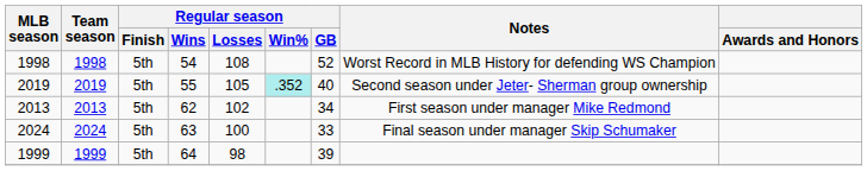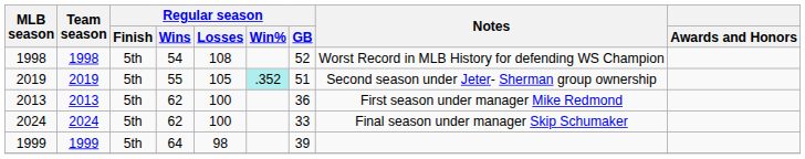 <table class="wikitable" style="text-align:center; font-size:95%">
 <tr>
 <th rowspan=2>MLB<br>season</th>
 <th rowspan=2>Team<br>season</th>
 <th colspan=5><a href='#'>Regular season</a></th>
 <th rowspan=2>Notes</th>
 <th></th>
 </tr>
 <tr>
 <th>Finish</th>
 <th><a href='#'>Wins</a></th>
 <th><a href='#'>Losses</a></th>
 <th><a href='#'>Win%</a></th>
 <th><a href='#'>GB</a></th>
 <th><strong>Awards and Honors</strong></th>
 </tr>
 <tr>
 <td>1998</td>
 <td><a href='#'>1998</a></td>
 <td>5th</td>
 <td>54</td>
 <td>108</td>
 <td></td>
 <td>52</td>
 <td>Worst Record in MLB History for defending WS Champion</td>
 <td></td>
 </tr>
 <tr>
 <td>2019</td>
 <td><a href='#'>2019</a></td>
 <td>5th</td>
 <td>55</td>
 <td>105</td>
 <td style="background: paleturquoise;">.352</td>
-<td>40</td>
+<td>51</td>
 <td>Second season under <a href='#'>Jeter</a>- <a href='#'>Sherman</a> group ownership<br></td>
 <td></td>
 </tr>
 <tr>
 <td>2013</td>
 <td><a href='#'>2013</a></td>
 <td>5th</td>
 <td>62</td>
-<td>102</td>
+<td>100</td>
 <td></td>
-<td>34</td>
+<td>36</td>
 <td>First season under manager <a href='#'>Mike Redmond</a></td>
 <td></td>
 </tr>
 <tr>
 <td>2024</td>
 <td><a href='#'>2024</a></td>
 <td>5th</td>
-<td>63</td>
+<td>62</td>
 <td>100</td>
 <td></td>
 <td>33</td>
 <td>Final season under manager <a href='#'>Skip Schumaker</a></td>
 <td></td>
 </tr>
 <tr>
 <td>1999</td>
 <td><a href='#'>1999</a></td>
 <td>5th</td>
 <td>64</td>
 <td>98</td>
 <td></td>
 <td>39</td>
 <td></td>
 <td></td>
 </tr>
 <tr>
 </tr>
 </table>
